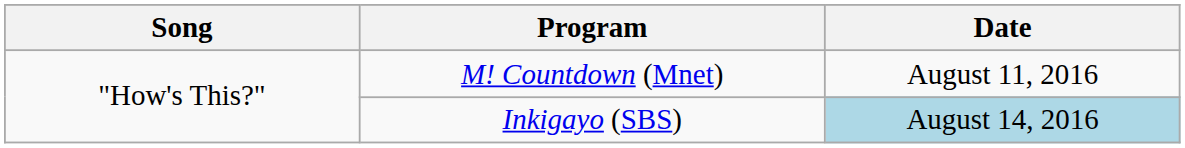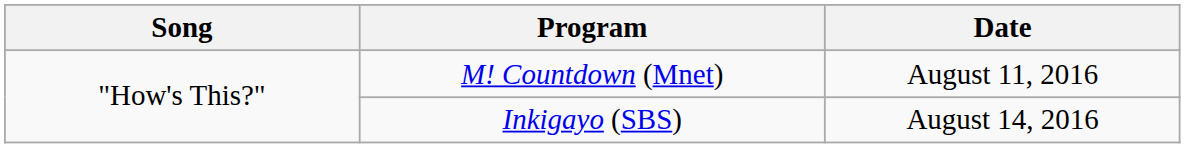 <table class="wikitable" style="text-align:center; width:650px;">
 <tr>
 <th style="width:150px;">Song</th>
 <th style="width:200px;">Program</th>
 <th style="width:150px;">Date</th>
 </tr>
 <tr>
 <td rowspan="2">"How's This?"</td>
 <td><em><a href='#'>M! Countdown</a></em> (<a href='#'>Mnet</a>)</td>
 <td>August 11, 2016</td>
 </tr>
 <tr>
 <td><em><a href='#'>Inkigayo</a></em> (<a href='#'>SBS</a>)</td>
-<td style="background: lightblue;">August 14, 2016</td>
+<td>August 14, 2016</td>
 </tr>
 </table>
